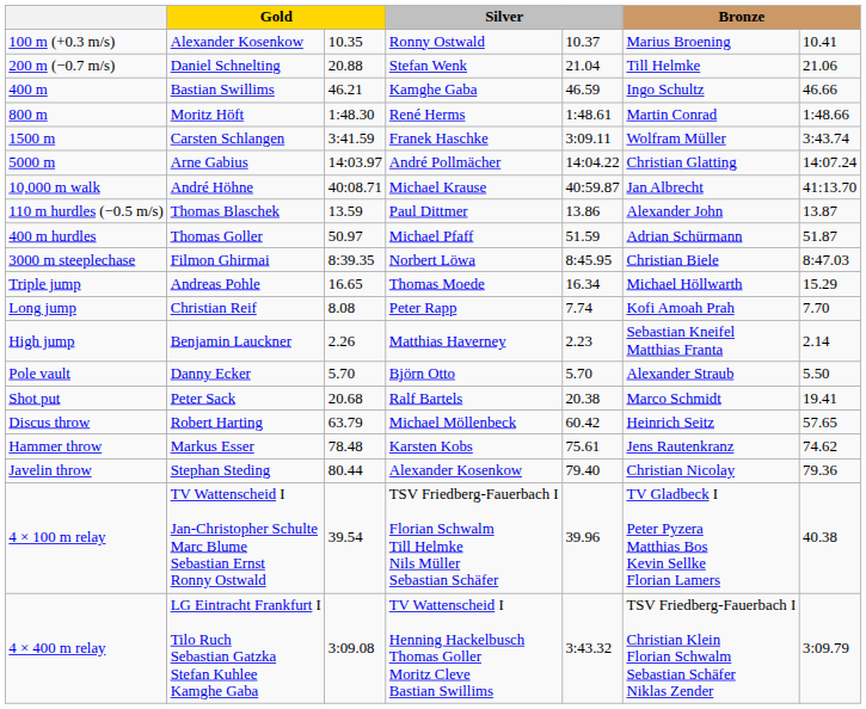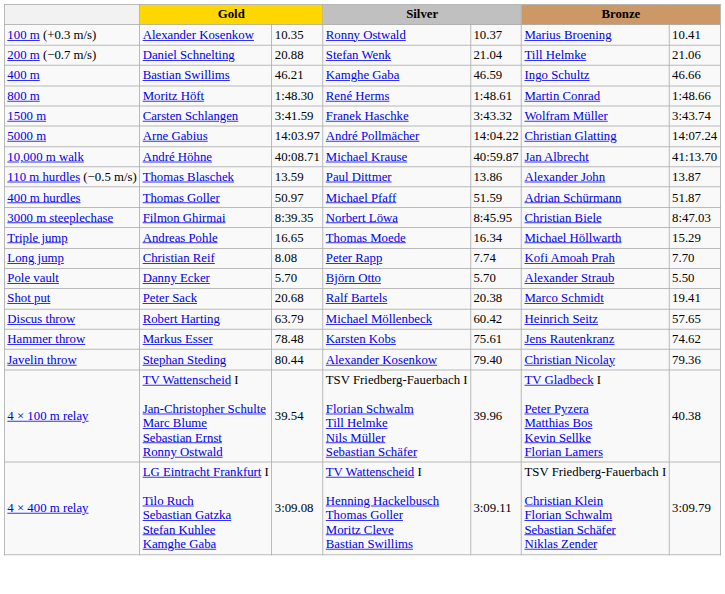 <table class="wikitable">
 <tr>
 <th></th>
 <th style="background:gold;" colspan=2>Gold</th>
 <th style="background:silver;" colspan=2>Silver</th>
 <th style="background:#CC9966;" colspan=2>Bronze</th>
 </tr>
 <tr>
 <td><a href='#'>100 m</a> (+0.3 m/s)</td>
 <td><a href='#'>Alexander Kosenkow</a></td>
 <td>10.35 </td>
 <td><a href='#'>Ronny Ostwald</a></td>
 <td>10.37 </td>
 <td><a href='#'>Marius Broening</a></td>
 <td>10.41</td>
 </tr>
 <tr>
 <td><a href='#'>200 m</a> (−0.7 m/s)</td>
 <td><a href='#'>Daniel Schnelting</a></td>
 <td>20.88</td>
 <td><a href='#'>Stefan Wenk</a></td>
 <td>21.04</td>
 <td><a href='#'>Till Helmke</a></td>
 <td>21.06</td>
 </tr>
 <tr>
 <td><a href='#'>400 m</a></td>
 <td><a href='#'>Bastian Swillims</a></td>
 <td>46.21</td>
 <td><a href='#'>Kamghe Gaba</a></td>
 <td>46.59</td>
 <td><a href='#'>Ingo Schultz</a></td>
 <td>46.66</td>
 </tr>
 <tr>
 <td><a href='#'>800 m</a></td>
 <td><a href='#'>Moritz Höft</a></td>
 <td>1:48.30</td>
 <td><a href='#'>René Herms</a></td>
 <td>1:48.61</td>
 <td><a href='#'>Martin Conrad</a></td>
 <td>1:48.66</td>
 </tr>
 <tr>
 <td><a href='#'>1500 m</a></td>
 <td><a href='#'>Carsten Schlangen</a></td>
 <td>3:41.59</td>
 <td><a href='#'>Franek Haschke</a></td>
-<td>3:09.11</td>
+<td>3:43.32</td>
 <td><a href='#'>Wolfram Müller</a></td>
 <td>3:43.74</td>
 </tr>
 <tr>
 <td><a href='#'>5000 m</a></td>
 <td><a href='#'>Arne Gabius</a></td>
 <td>14:03.97</td>
 <td><a href='#'>André Pollmächer</a></td>
 <td>14:04.22</td>
 <td><a href='#'>Christian Glatting</a></td>
 <td>14:07.24</td>
 </tr>
 <tr>
 <td><a href='#'>10,000 m walk</a></td>
 <td><a href='#'>André Höhne</a></td>
 <td>40:08.71</td>
 <td><a href='#'>Michael Krause</a></td>
 <td>40:59.87</td>
 <td><a href='#'>Jan Albrecht</a></td>
 <td>41:13.70</td>
 </tr>
 <tr>
 <td><a href='#'>110 m hurdles</a> (−0.5 m/s)</td>
 <td><a href='#'>Thomas Blaschek</a></td>
 <td>13.59</td>
 <td><a href='#'>Paul Dittmer</a></td>
 <td>13.86</td>
 <td><a href='#'>Alexander John</a></td>
 <td>13.87</td>
 </tr>
 <tr>
 <td><a href='#'>400 m hurdles</a></td>
 <td><a href='#'>Thomas Goller</a></td>
 <td>50.97</td>
 <td><a href='#'>Michael Pfaff</a></td>
 <td>51.59</td>
 <td><a href='#'>Adrian Schürmann</a></td>
 <td>51.87</td>
 </tr>
 <tr>
 <td><a href='#'>3000 m steeplechase</a></td>
 <td><a href='#'>Filmon Ghirmai</a></td>
 <td>8:39.35</td>
 <td><a href='#'>Norbert Löwa</a></td>
 <td>8:45.95</td>
 <td><a href='#'>Christian Biele</a></td>
 <td>8:47.03</td>
 </tr>
 <tr>
 <td><a href='#'>Triple jump</a></td>
 <td><a href='#'>Andreas Pohle</a></td>
 <td>16.65</td>
 <td><a href='#'>Thomas Moede</a></td>
 <td>16.34</td>
 <td><a href='#'>Michael Höllwarth</a></td>
 <td>15.29</td>
 </tr>
 <tr>
 <td><a href='#'>Long jump</a></td>
 <td><a href='#'>Christian Reif</a></td>
 <td>8.08</td>
 <td><a href='#'>Peter Rapp</a></td>
 <td>7.74</td>
 <td><a href='#'>Kofi Amoah Prah</a></td>
 <td>7.70</td>
 </tr>
 <tr>
-<td><a href='#'>High jump</a></td>
-<td><a href='#'>Benjamin Lauckner</a></td>
-<td>2.26</td>
-<td><a href='#'>Matthias Haverney</a></td>
-<td>2.23</td>
-<td><a href='#'>Sebastian Kneifel</a><br><a href='#'>Matthias Franta</a></td>
-<td>2.14</td>
-</tr>
-<tr>
 <td><a href='#'>Pole vault</a></td>
 <td><a href='#'>Danny Ecker</a></td>
 <td>5.70</td>
 <td><a href='#'>Björn Otto</a></td>
 <td>5.70</td>
 <td><a href='#'>Alexander Straub</a></td>
 <td>5.50</td>
 </tr>
 <tr>
 <td><a href='#'>Shot put</a></td>
 <td><a href='#'>Peter Sack</a></td>
 <td>20.68</td>
 <td><a href='#'>Ralf Bartels</a></td>
 <td>20.38</td>
 <td><a href='#'>Marco Schmidt</a></td>
 <td>19.41</td>
 </tr>
 <tr>
 <td><a href='#'>Discus throw</a></td>
 <td><a href='#'>Robert Harting</a></td>
 <td>63.79</td>
 <td><a href='#'>Michael Möllenbeck</a></td>
 <td>60.42</td>
 <td><a href='#'>Heinrich Seitz</a></td>
 <td>57.65</td>
 </tr>
 <tr>
 <td><a href='#'>Hammer throw</a></td>
 <td><a href='#'>Markus Esser</a></td>
 <td>78.48</td>
 <td><a href='#'>Karsten Kobs</a></td>
 <td>75.61</td>
 <td><a href='#'>Jens Rautenkranz</a></td>
 <td>74.62</td>
 </tr>
 <tr>
 <td><a href='#'>Javelin throw</a></td>
 <td><a href='#'>Stephan Steding</a></td>
 <td>80.44</td>
 <td><a href='#'>Alexander Kosenkow</a></td>
 <td>79.40</td>
 <td><a href='#'>Christian Nicolay</a></td>
 <td>79.36</td>
 </tr>
 <tr>
 <td><a href='#'>4 × 100 m relay</a></td>
 <td><a href='#'>TV Wattenscheid</a> I <br><br><a href='#'>Jan-Christopher Schulte</a> <br> <a href='#'>Marc Blume</a> <br> <a href='#'>Sebastian Ernst</a> <br> <a href='#'>Ronny Ostwald</a></td>
 <td>39.54</td>
 <td>TSV Friedberg-Fauerbach I <br><br><a href='#'>Florian Schwalm</a> <br> <a href='#'>Till Helmke</a> <br> <a href='#'>Nils Müller</a> <br> <a href='#'>Sebastian Schäfer</a></td>
 <td>39.96</td>
 <td><a href='#'>TV Gladbeck</a> I <br><br><a href='#'>Peter Pyzera</a> <br> <a href='#'>Matthias Bos</a> <br> <a href='#'>Kevin Sellke</a> <br> <a href='#'>Florian Lamers</a></td>
 <td>40.38</td>
 </tr>
 <tr>
 <td><a href='#'>4 × 400 m relay</a></td>
 <td><a href='#'>LG Eintracht Frankfurt</a> I <br><br><a href='#'>Tilo Ruch</a> <br> <a href='#'>Sebastian Gatzka</a> <br> <a href='#'>Stefan Kuhlee</a> <br> <a href='#'>Kamghe Gaba</a></td>
 <td>3:09.08</td>
 <td><a href='#'>TV Wattenscheid</a> I <br><br><a href='#'>Henning Hackelbusch</a> <br> <a href='#'>Thomas Goller</a> <br> <a href='#'>Moritz Cleve</a> <br> <a href='#'>Bastian Swillims</a></td>
-<td>3:43.32</td>
+<td>3:09.11</td>
 <td>TSV Friedberg-Fauerbach I <br><br><a href='#'>Christian Klein</a> <br> <a href='#'>Florian Schwalm</a> <br> <a href='#'>Sebastian Schäfer</a> <br> <a href='#'>Niklas Zender</a></td>
 <td>3:09.79</td>
 </tr>
 </table>
